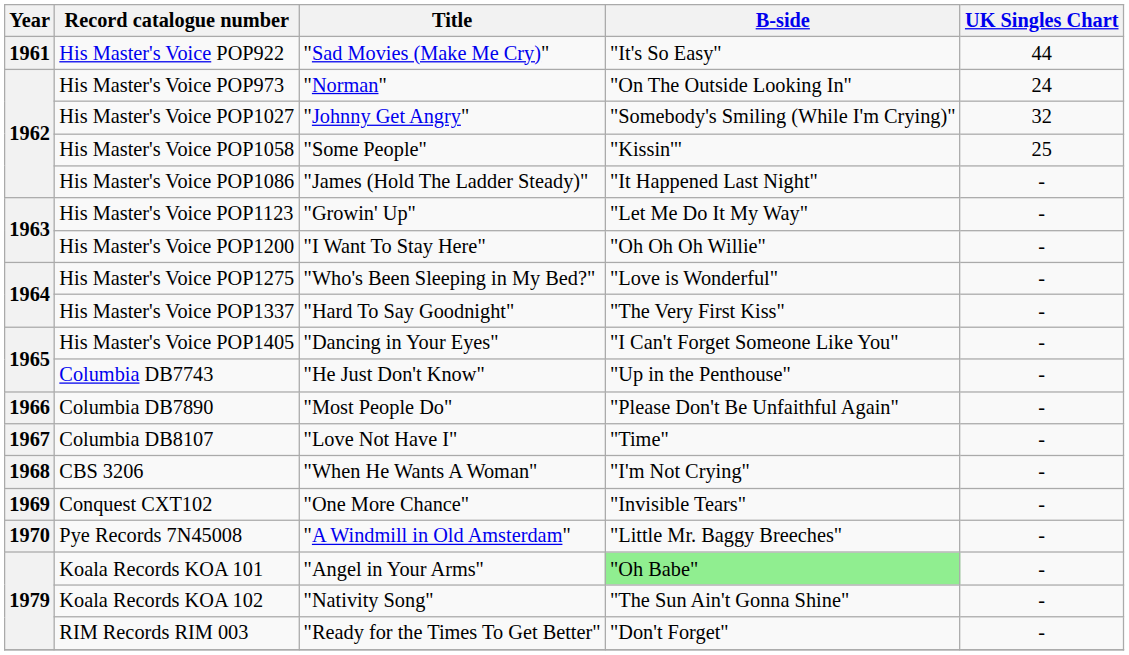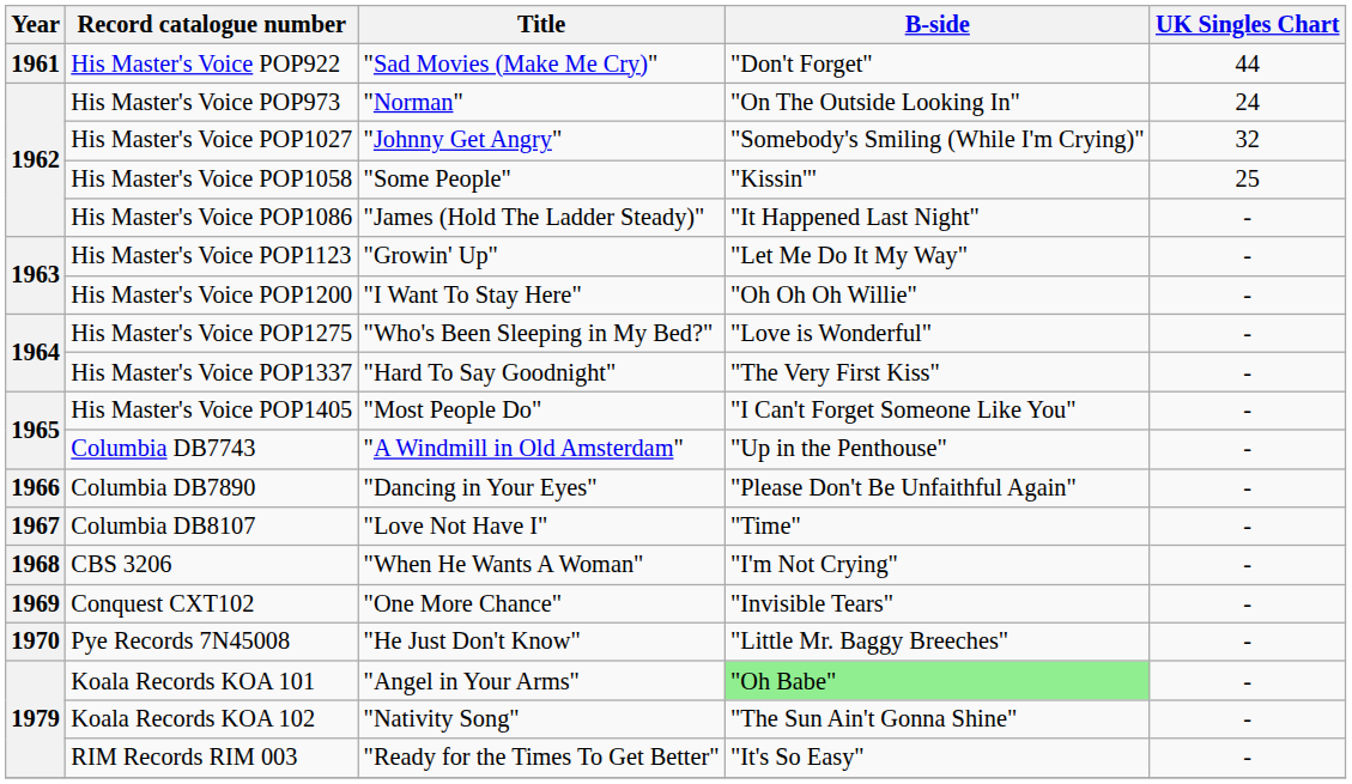 <table class="sortable wikitable">
 <tr>
 <th>Year</th>
 <th>Record catalogue number</th>
 <th>Title</th>
 <th><a href='#'>B-side</a></th>
 <th><a href='#'>UK Singles Chart</a></th>
 </tr>
 <tr>
 <th>1961</th>
 <td><a href='#'>His Master's Voice</a> POP922</td>
 <td>"<a href='#'>Sad Movies (Make Me Cry)</a>"</td>
-<td>"It's So Easy"</td>
+<td>"Don't Forget"</td>
 <td align=center>44</td>
 </tr>
 <tr>
 <th rowspan=4>1962</th>
 <td>His Master's Voice POP973</td>
 <td>"<a href='#'>Norman</a>"</td>
 <td>"On The Outside Looking In"</td>
 <td align=center>24</td>
 </tr>
 <tr>
 <td>His Master's Voice POP1027</td>
 <td>"<a href='#'>Johnny Get Angry</a>"</td>
 <td>"Somebody's Smiling (While I'm Crying)"</td>
 <td align=center>32</td>
 </tr>
 <tr>
 <td>His Master's Voice POP1058</td>
 <td>"Some People"</td>
 <td>"Kissin'"</td>
 <td align=center>25</td>
 </tr>
 <tr>
 <td>His Master's Voice POP1086</td>
 <td>"James (Hold The Ladder Steady)"</td>
 <td>"It Happened Last Night"</td>
 <td align=center>-</td>
 </tr>
 <tr>
 <th rowspan=2>1963</th>
 <td>His Master's Voice POP1123</td>
 <td>"Growin' Up"</td>
 <td>"Let Me Do It My Way"</td>
 <td align=center>-</td>
 </tr>
 <tr>
 <td>His Master's Voice POP1200</td>
 <td>"I Want To Stay Here"</td>
 <td>"Oh Oh Oh Willie"</td>
 <td align=center>-</td>
 </tr>
 <tr>
 <th rowspan=2>1964</th>
 <td>His Master's Voice POP1275</td>
 <td>"Who's Been Sleeping in My Bed?"</td>
 <td>"Love is Wonderful"</td>
 <td align=center>-</td>
 </tr>
 <tr>
 <td>His Master's Voice POP1337</td>
 <td>"Hard To Say Goodnight"</td>
 <td>"The Very First Kiss"</td>
 <td align=center>-</td>
 </tr>
 <tr>
 <th rowspan=2>1965</th>
 <td>His Master's Voice POP1405</td>
-<td>"Dancing in Your Eyes"</td>
+<td>"Most People Do"</td>
 <td>"I Can't Forget Someone Like You"</td>
 <td align=center>-</td>
 </tr>
 <tr>
 <td><a href='#'>Columbia</a> DB7743</td>
-<td>"He Just Don't Know"</td>
+<td>"<a href='#'>A Windmill in Old Amsterdam</a>"</td>
 <td>"Up in the Penthouse"</td>
 <td align=center>-</td>
 </tr>
 <tr>
 <th>1966</th>
 <td>Columbia DB7890</td>
-<td>"Most People Do"</td>
+<td>"Dancing in Your Eyes"</td>
 <td>"Please Don't Be Unfaithful Again"</td>
 <td align=center>-</td>
 </tr>
 <tr>
 <th>1967</th>
 <td>Columbia DB8107</td>
 <td>"Love Not Have I"</td>
 <td>"Time"</td>
 <td align=center>-</td>
 </tr>
 <tr>
 <th>1968</th>
 <td>CBS 3206</td>
 <td>"When He Wants A Woman"</td>
 <td>"I'm Not Crying"</td>
 <td align=center>-</td>
 </tr>
 <tr>
 <th>1969</th>
 <td>Conquest CXT102</td>
 <td>"One More Chance"</td>
 <td>"Invisible Tears"</td>
 <td align=center>-</td>
 </tr>
 <tr>
 <th>1970</th>
 <td>Pye Records 7N45008</td>
-<td>"<a href='#'>A Windmill in Old Amsterdam</a>"</td>
+<td>"He Just Don't Know"</td>
 <td>"Little Mr. Baggy Breeches"</td>
 <td align=center>-</td>
 </tr>
 <tr>
 <th rowspan=3>1979</th>
 <td>Koala Records KOA 101</td>
 <td>"Angel in Your Arms"</td>
 <td style="background: lightgreen;">"Oh Babe"</td>
 <td align=center>-</td>
 </tr>
 <tr>
 <td>Koala Records KOA 102</td>
 <td>"Nativity Song"</td>
 <td>"The Sun Ain't Gonna Shine"</td>
 <td align=center>-</td>
 </tr>
 <tr>
 <td>RIM Records RIM 003</td>
 <td>"Ready for the Times To Get Better"</td>
-<td>"Don't Forget"</td>
+<td>"It's So Easy"</td>
 <td align=center>-</td>
 </tr>
 <tr>
 </tr>
 </table>
